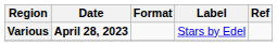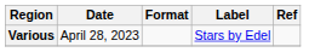 <table class="wikitable plainrowheaders">
 <tr>
 <th scope="col">Region</th>
 <th scope="col">Date</th>
 <th scope="col">Format</th>
 <th scope="col">Label</th>
 <th scope="col">Ref</th>
 </tr>
 <tr>
 <th scope="row">Various</th>
-<td><strong>April 28, 2023</strong></td>
+<td>April 28, 2023</td>
 <td></td>
 <td><a href='#'>Stars by Edel</a></td>
 <td></td>
 </tr>
 <tr>
 </tr>
 </table>
